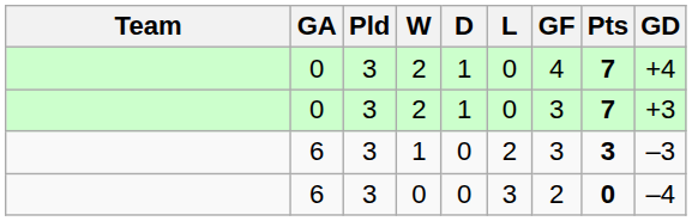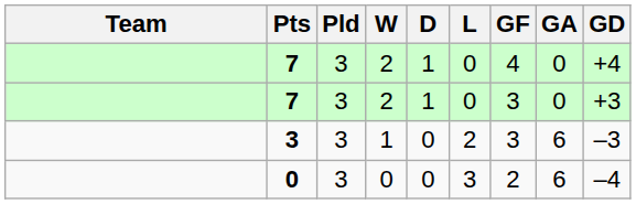 <table class=wikitable style="text-align:center">
 <tr>
 <th width=165>Team</th>
-<th width=20>GA</th>
+<th width=20>Pts</th>
 <th width=20>Pld</th>
 <th width=20>W</th>
 <th width=20>D</th>
 <th width=20>L</th>
 <th width=20>GF</th>
-<th width=20>Pts</th>
+<th width=20>GA</th>
 <th width=20>GD</th>
 </tr>
 <tr align=center style="background:#ccffcc;">
 <td style="text-align:left;"></td>
-<td>0</td>
+<td><strong>7</strong></td>
 <td>3</td>
 <td>2</td>
 <td>1</td>
 <td>0</td>
 <td>4</td>
-<td><strong>7</strong></td>
+<td>0</td>
 <td>+4</td>
 </tr>
 <tr align=center style="background:#ccffcc;">
 <td style="text-align:left;"></td>
-<td>0</td>
+<td><strong>7</strong></td>
 <td>3</td>
 <td>2</td>
 <td>1</td>
 <td>0</td>
 <td>3</td>
-<td><strong>7</strong></td>
+<td>0</td>
 <td>+3</td>
 </tr>
 <tr align=center>
 <td style="text-align:left;"></td>
-<td>6</td>
+<td><strong>3</strong></td>
 <td>3</td>
 <td>1</td>
 <td>0</td>
 <td>2</td>
 <td>3</td>
-<td><strong>3</strong></td>
+<td>6</td>
 <td>–3</td>
 </tr>
 <tr align=center>
 <td style="text-align:left;"></td>
-<td>6</td>
+<td><strong>0</strong></td>
 <td>3</td>
 <td>0</td>
 <td>0</td>
 <td>3</td>
 <td>2</td>
-<td><strong>0</strong></td>
+<td>6</td>
 <td>–4</td>
 </tr>
 </table>
